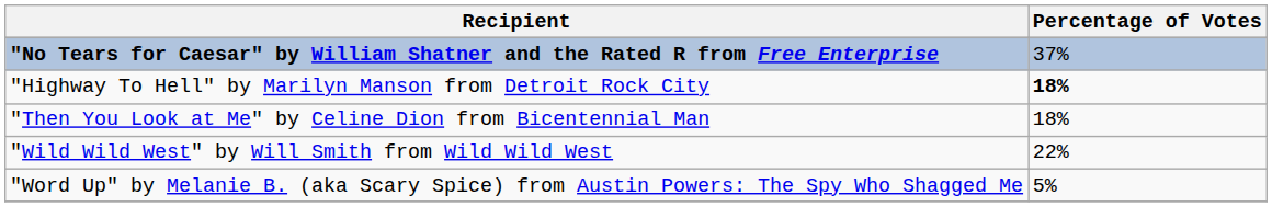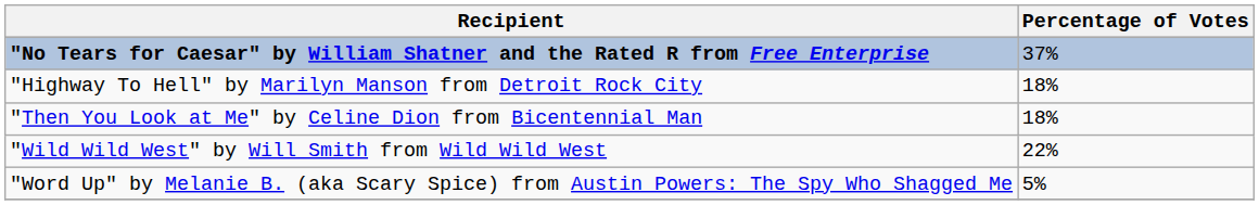 <table class="wikitable sortable plainrowheaders" align="centre">
 <tr>
 <th>Recipient</th>
 <th>Percentage of Votes</th>
 </tr>
 <tr>
 </tr>
 <tr style="background:#B0C4DE;">
 <td><strong>"No Tears for Caesar" by <a href='#'>William Shatner</a> and the Rated R from <em><a href='#'>Free Enterprise</a><strong><em></td>
 <td></strong>37%<strong></td>
 </tr>
 <tr>
 <td>"Highway To Hell" by <a href='#'>Marilyn Manson</a> from </em><a href='#'>Detroit Rock City</a><em></td>
-<td><strong>18%</strong></td>
+<td>18%</td>
 </tr>
 <tr>
 <td>"<a href='#'>Then You Look at Me</a>" by <a href='#'>Celine Dion</a> from </em><a href='#'>Bicentennial Man</a><em></td>
 <td>18%</td>
 </tr>
 <tr>
 <td>"<a href='#'>Wild Wild West</a>" by <a href='#'>Will Smith</a> from </em><a href='#'>Wild Wild West</a><em></td>
 <td>22%</td>
 </tr>
 <tr>
 <td>"Word Up" by <a href='#'>Melanie B.</a> (aka Scary Spice) from </em><a href='#'>Austin Powers: The Spy Who Shagged Me</a><em></td>
 <td>5%</td>
 </tr>
 <tr>
 </tr>
 </table>
